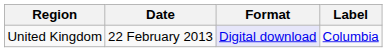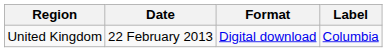 <table class=wikitable>
 <tr>
 <th>Region</th>
 <th>Date</th>
 <th>Format</th>
 <th>Label</th>
 </tr>
 <tr>
 <td rowspan="2">United Kingdom</td>
 <td>22 February 2013</td>
-<td style="background: lavender;"><a href='#'>Digital download</a></td>
+<td><a href='#'>Digital download</a></td>
 <td rowspan="2"><a href='#'>Columbia</a></td>
 </tr>
 </table>
